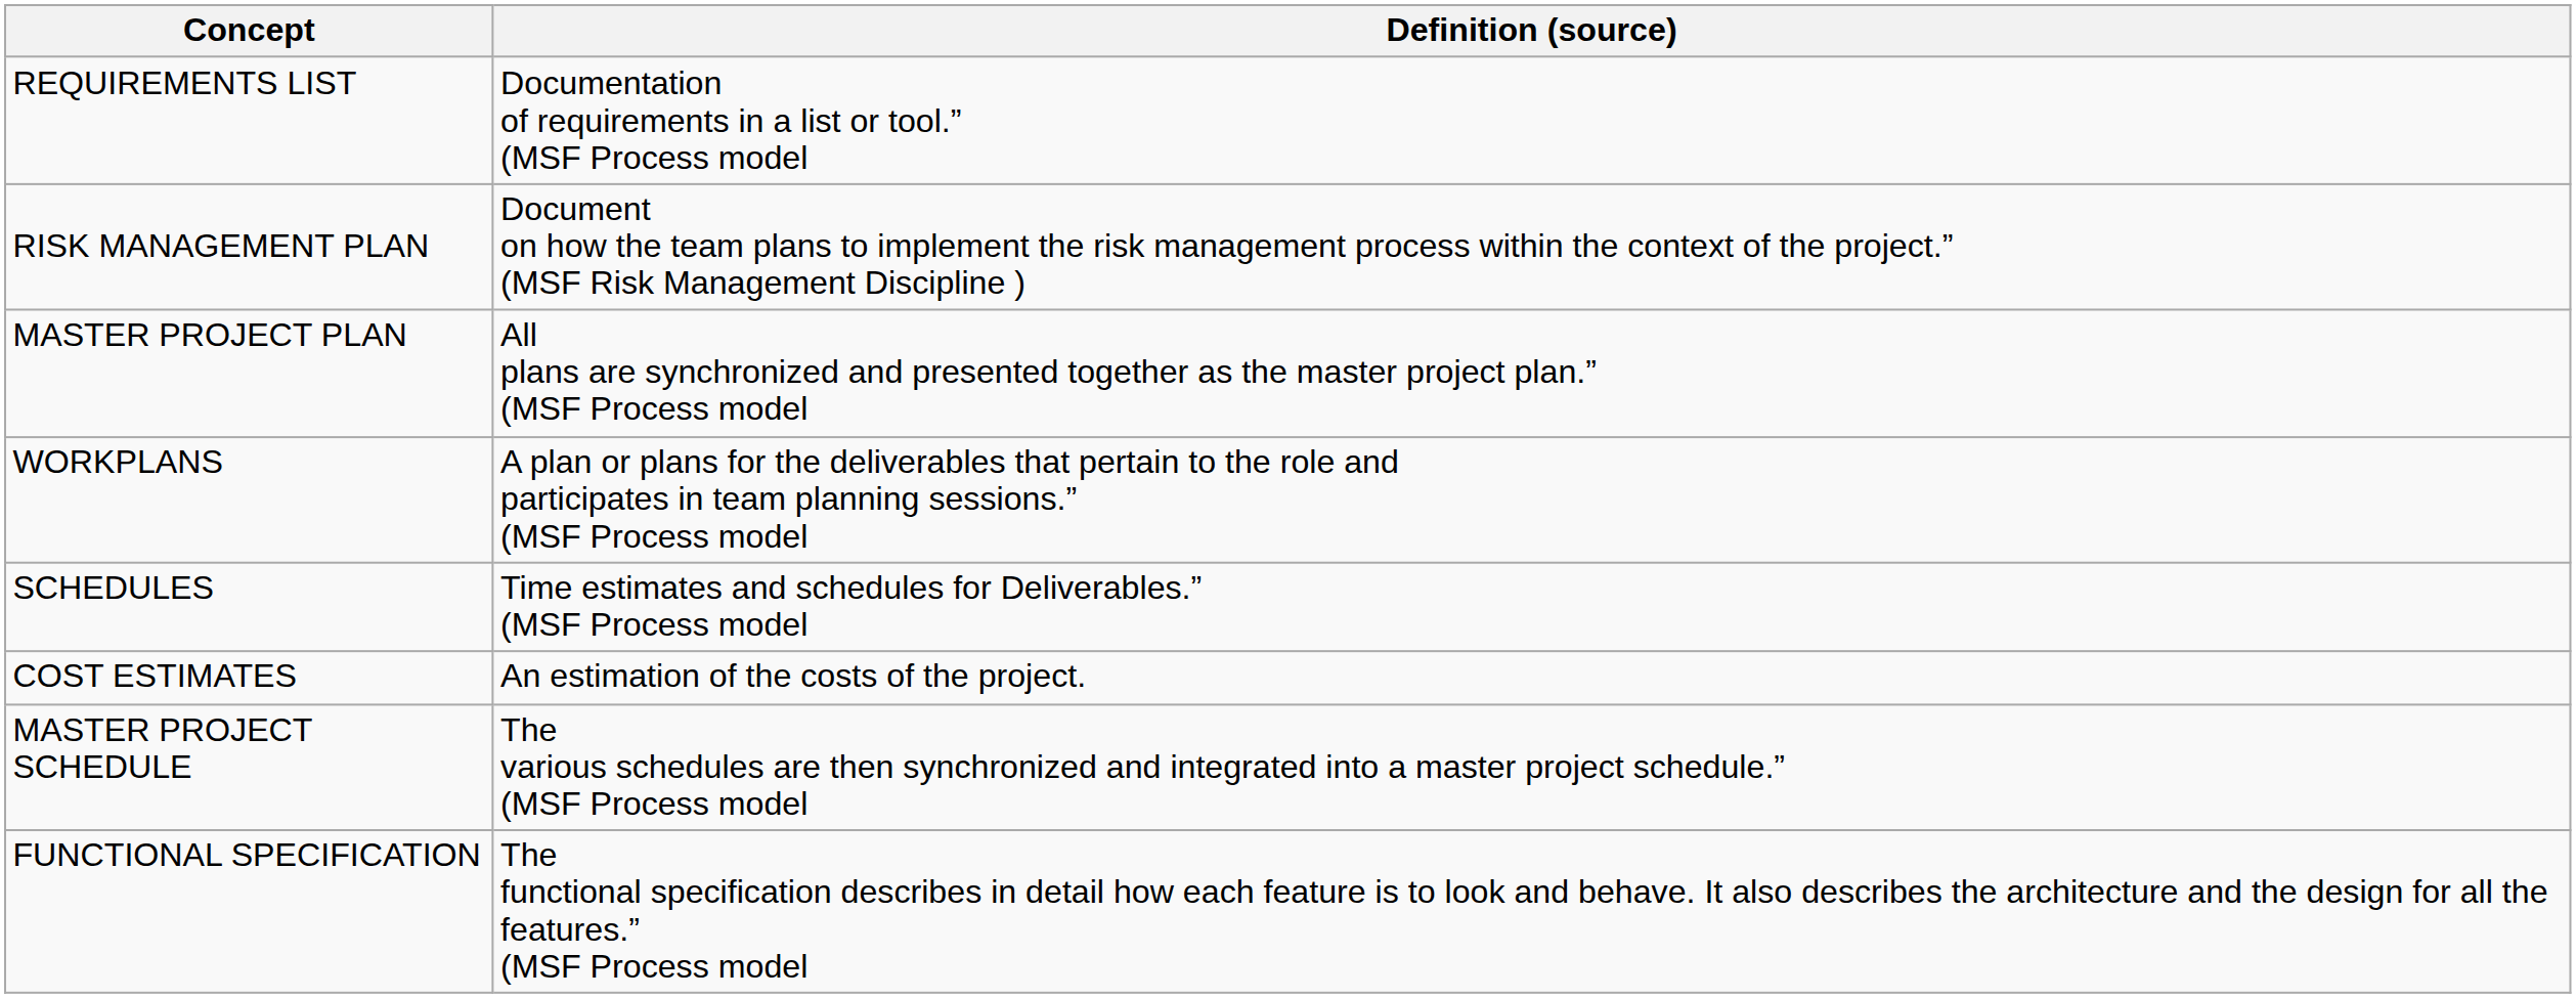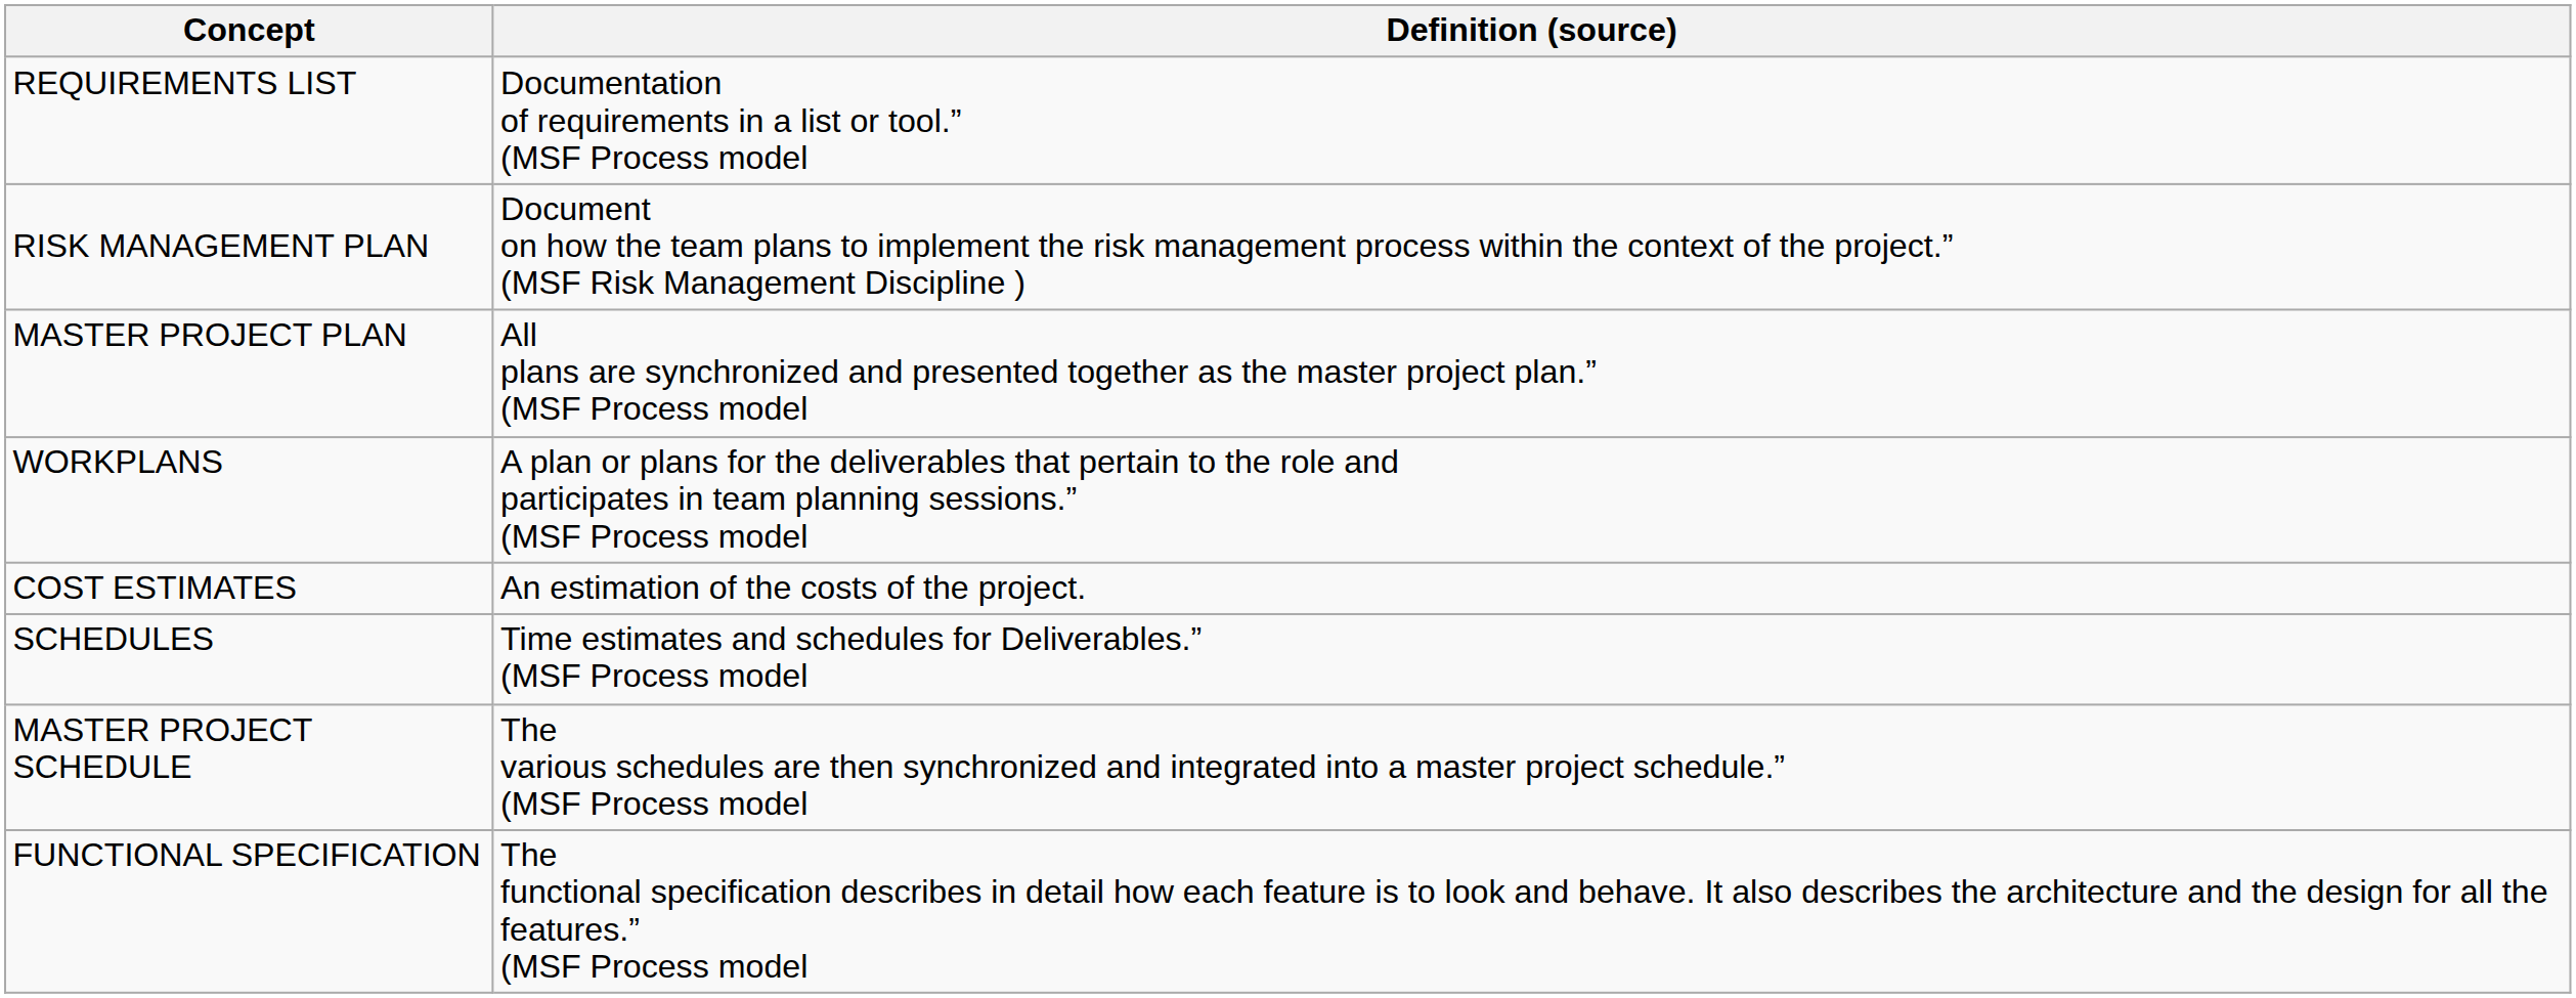 <table class="wikitable">
 <tr>
 <th>Concept</th>
 <th>Definition (source)</th>
 </tr>
 <tr VALIGN=TOP>
 <td>REQUIREMENTS LIST</td>
 <td>Documentation<br>of  requirements in a list or tool.”<br>(MSF Process model</td>
 </tr>
 <tr VALIGN=TOP>
 <td><br>RISK MANAGEMENT PLAN</td>
 <td>Document<br>on how the team plans to implement the risk management process within the context of the project.”<br>(MSF Risk Management Discipline )</td>
 </tr>
 <tr VALIGN=TOP>
 <td>MASTER PROJECT PLAN</td>
 <td>All<br>plans are synchronized and presented together as the master project plan.”<br>(MSF Process model</td>
 </tr>
 <tr VALIGN=TOP>
 <td>WORKPLANS</td>
 <td>A plan or plans for the deliverables that pertain to the role and<br>participates in team planning sessions.”<br>(MSF Process model</td>
 </tr>
 <tr VALIGN=TOP>
+<td>COST ESTIMATES</td>
+<td>An estimation of the costs of the project.</td>
+</tr>
+<tr VALIGN=TOP>
 <td>SCHEDULES</td>
 <td>Time estimates and schedules for Deliverables.”<br>(MSF Process model</td>
-</tr>
-<tr VALIGN=TOP>
-<td>COST ESTIMATES</td>
-<td>An estimation of the costs of the project.</td>
 </tr>
 <tr VALIGN=TOP>
 <td>MASTER PROJECT SCHEDULE</td>
 <td>The<br>various schedules are then synchronized and integrated into a master project schedule.”<br>(MSF Process model</td>
 </tr>
 <tr VALIGN=TOP>
 <td>FUNCTIONAL SPECIFICATION</td>
 <td>The<br>functional specification describes in detail how each feature is to look and behave. It also describes the architecture and the design for all the features.”<br>(MSF Process model</td>
 </tr>
 </table>
